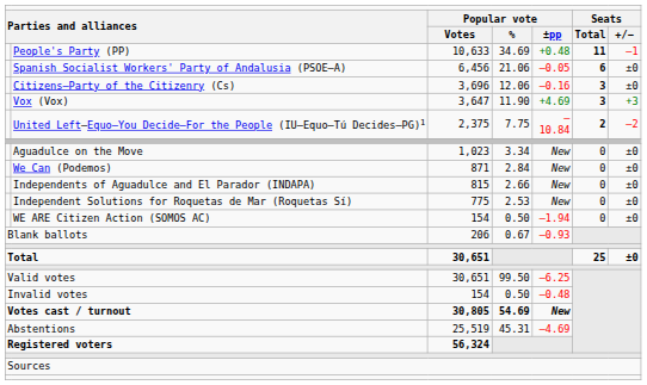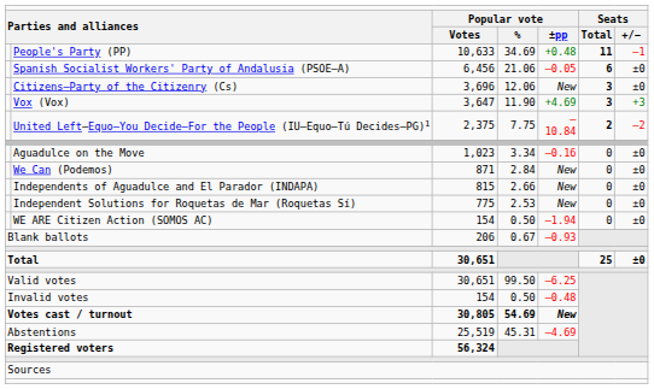 <table class="wikitable" style="text-align:right;">
 <tr>
 <td colspan="7"></td>
 </tr>
 <tr>
 <th style="text-align:left;" rowspan="2" colspan="2" width="525">Parties and alliances</th>
 <th colspan="3">Popular vote</th>
 <th colspan="2">Seats</th>
 </tr>
 <tr>
 <th width="75">Votes</th>
 <th width="45">%</th>
 <th width="45">±<a href='#'>pp</a></th>
 <th width="35">Total</th>
 <th width="35">+/−</th>
 </tr>
 <tr>
 <td width="1" style="color:inherit;background:"></td>
 <td align="left"><a href='#'>People's Party</a> (PP)</td>
 <td>10,633</td>
 <td>34.69</td>
 <td style="color:green;">+0.48</td>
 <td><strong>11</strong></td>
 <td style="color:red;">–1</td>
 </tr>
 <tr>
 <td style="color:inherit;background:"></td>
 <td align="left"><a href='#'>Spanish Socialist Workers' Party of Andalusia</a> (PSOE–A)</td>
 <td>6,456</td>
 <td>21.06</td>
 <td style="color:red;">–0.05</td>
 <td><strong>6</strong></td>
 <td>±0</td>
 </tr>
 <tr>
 <td style="color:inherit;background:"></td>
 <td align="left"><a href='#'>Citizens–Party of the Citizenry</a> (Cs)</td>
 <td>3,696</td>
 <td>12.06</td>
-<td style="color:red;">–0.16</td>
+<td><em>New</em></td>
 <td><strong>3</strong></td>
 <td>±0</td>
 </tr>
 <tr>
 <td style="color:inherit;background:"></td>
 <td align="left"><a href='#'>Vox</a> (Vox)</td>
 <td>3,647</td>
 <td>11.90</td>
 <td style="color:green;">+4.69</td>
 <td><strong>3</strong></td>
 <td style="color:green;">+3</td>
 </tr>
 <tr>
 <td style="color:inherit;background:"></td>
 <td align="left"><a href='#'>United Left</a>–<a href='#'>Equo–You Decide–For the People</a> (IU–Equo–Tú Decides–PG)<sup>1</sup></td>
 <td>2,375</td>
 <td>7.75</td>
 <td style="color:red;">–10.84</td>
 <td><strong>2</strong></td>
 <td style="color:red;">–2</td>
 </tr>
 <tr>
 <td colspan="7" bgcolor="#C0C0C0"></td>
 </tr>
 <tr>
 <td style="color:inherit;background:"></td>
 <td align="left">Aguadulce on the Move</td>
 <td>1,023</td>
 <td>3.34</td>
-<td><em>New</em></td>
+<td style="color:red;">–0.16</td>
 <td>0</td>
 <td>±0</td>
 </tr>
 <tr>
 <td style="color:inherit;background:"></td>
 <td align="left"><a href='#'>We Can</a> (Podemos)</td>
 <td>871</td>
 <td>2.84</td>
 <td><em>New</em></td>
 <td>0</td>
 <td>±0</td>
 </tr>
 <tr>
 <td style="color:inherit;background:"></td>
 <td align="left">Independents of Aguadulce and El Parador (INDAPA)</td>
 <td>815</td>
 <td>2.66</td>
 <td><em>New</em></td>
 <td>0</td>
 <td>±0</td>
 </tr>
 <tr>
 <td style="color:inherit;background:"></td>
 <td align="left">Independent Solutions for Roquetas de Mar (Roquetas Sí)</td>
 <td>775</td>
 <td>2.53</td>
 <td><em>New</em></td>
 <td>0</td>
 <td>±0</td>
 </tr>
 <tr>
 <td style="color:inherit;background:"></td>
 <td align="left">WE ARE Citizen Action (SOMOS AC)</td>
 <td>154</td>
 <td>0.50</td>
 <td style="color:red;">–1.94</td>
 <td>0</td>
 <td>±0</td>
 </tr>
 <tr>
 <td align="left" colspan="2">Blank ballots</td>
 <td>206</td>
 <td>0.67</td>
 <td style="color:red;">–0.93</td>
 <td bgcolor="#E9E9E9" colspan="2"></td>
 </tr>
 <tr>
 <td colspan="7" bgcolor="#E9E9E9"></td>
 </tr>
 <tr style="font-weight:bold;">
 <td align="left" colspan="2">Total</td>
 <td>30,651</td>
 <td bgcolor="#E9E9E9" colspan="2"></td>
 <td>25</td>
 <td>±0</td>
 </tr>
 <tr>
 <td colspan="7" bgcolor="#E9E9E9"></td>
 </tr>
 <tr>
 <td align="left" colspan="2">Valid votes</td>
 <td>30,651</td>
 <td>99.50</td>
 <td style="color:red;">–6.25</td>
 <td bgcolor="#E9E9E9" colspan="2" rowspan="5"></td>
 </tr>
 <tr>
 <td align="left" colspan="2">Invalid votes</td>
 <td>154</td>
 <td>0.50</td>
 <td style="color:red;">–0.48</td>
 </tr>
 <tr style="font-weight:bold;">
 <td align="left" colspan="2">Votes cast / turnout</td>
 <td>30,805</td>
 <td>54.69</td>
 <td><em>New</em></td>
 </tr>
 <tr>
 <td align="left" colspan="2">Abstentions</td>
 <td>25,519</td>
 <td>45.31</td>
 <td style="color:red;">–4.69</td>
 </tr>
 <tr style="font-weight:bold;">
 <td align="left" colspan="2">Registered voters</td>
 <td>56,324</td>
 <td bgcolor="#E9E9E9" colspan="2"></td>
 </tr>
 <tr>
 <td colspan="7" bgcolor="#E9E9E9"></td>
 </tr>
 <tr>
 <td align="left" colspan="7">Sources</td>
 </tr>
 <tr>
 <td colspan="7" style="text-align:left; max-width:790px;"></td>
 </tr>
 </table>
